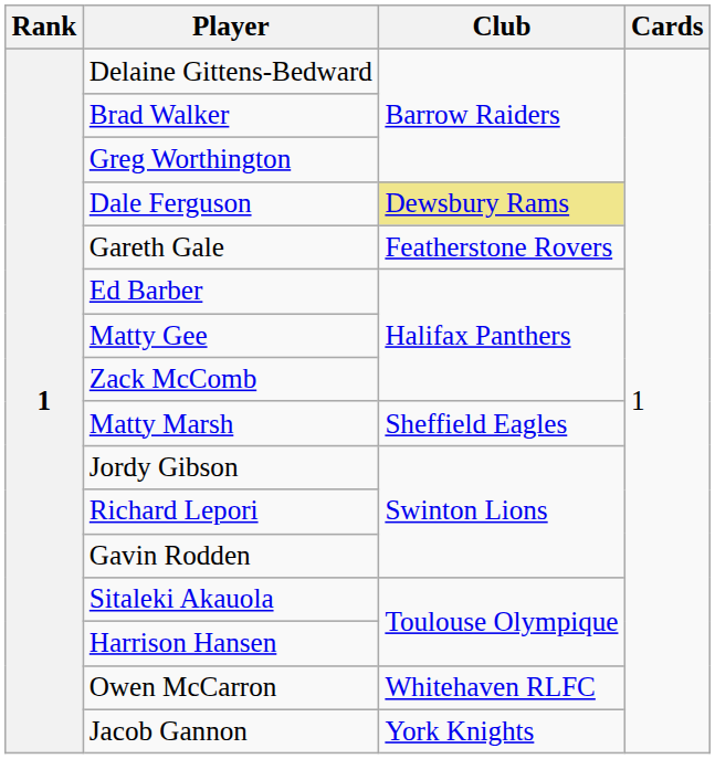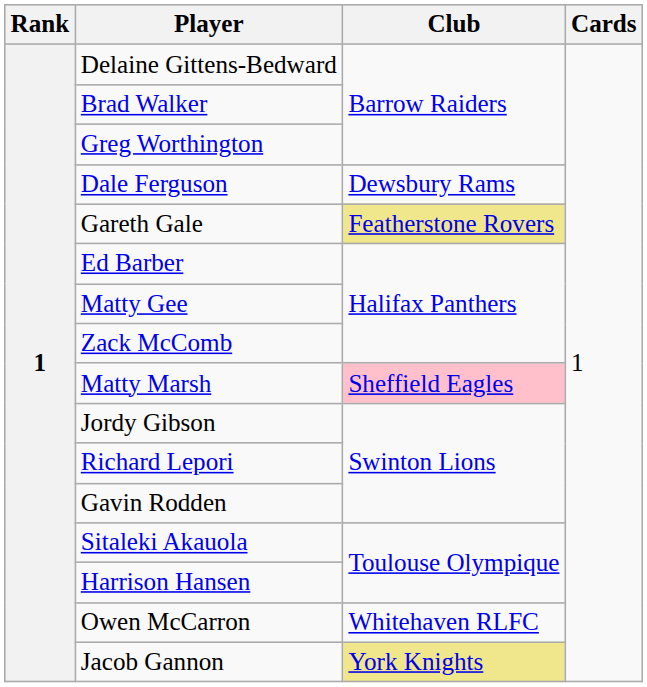 <table class="wikitable sortable" style="text-align:left">
 <tr>
 <th>Rank</th>
 <th>Player</th>
 <th>Club</th>
 <th> Cards</th>
 </tr>
 <tr>
 <th rowspan="16">1</th>
 <td> Delaine Gittens-Bedward</td>
 <td rowspan="3"> <a href='#'>Barrow Raiders</a></td>
 <td rowspan="16">1</td>
 </tr>
 <tr>
 <td> <a href='#'>Brad Walker</a></td>
 </tr>
 <tr>
 <td> <a href='#'>Greg Worthington</a></td>
 </tr>
 <tr>
 <td> <a href='#'>Dale Ferguson</a></td>
-<td style="background: khaki;"> <a href='#'>Dewsbury Rams</a></td>
+<td> <a href='#'>Dewsbury Rams</a></td>
 </tr>
 <tr>
 <td> Gareth Gale</td>
-<td> <a href='#'>Featherstone Rovers</a></td>
+<td style="background: khaki;"> <a href='#'>Featherstone Rovers</a></td>
 </tr>
 <tr>
 <td> <a href='#'>Ed Barber</a></td>
 <td rowspan="3"> <a href='#'>Halifax Panthers</a></td>
 </tr>
 <tr>
 <td> <a href='#'>Matty Gee</a></td>
 </tr>
 <tr>
 <td> <a href='#'>Zack McComb</a></td>
 </tr>
 <tr>
 <td> <a href='#'>Matty Marsh</a></td>
-<td> <a href='#'>Sheffield Eagles</a></td>
+<td style="background: pink;"> <a href='#'>Sheffield Eagles</a></td>
 </tr>
 <tr>
 <td> Jordy Gibson</td>
 <td rowspan="3"> <a href='#'>Swinton Lions</a></td>
 </tr>
 <tr>
 <td> <a href='#'>Richard Lepori</a></td>
 </tr>
 <tr>
 <td> Gavin Rodden</td>
 </tr>
 <tr>
 <td> <a href='#'>Sitaleki Akauola</a></td>
 <td rowspan="2"> <a href='#'>Toulouse Olympique</a></td>
 </tr>
 <tr>
 <td> <a href='#'>Harrison Hansen</a></td>
 </tr>
 <tr>
 <td> Owen McCarron</td>
 <td> <a href='#'>Whitehaven RLFC</a></td>
 </tr>
 <tr>
 <td> Jacob Gannon</td>
-<td> <a href='#'>York Knights</a></td>
+<td style="background: khaki;"> <a href='#'>York Knights</a></td>
 </tr>
 </table>
